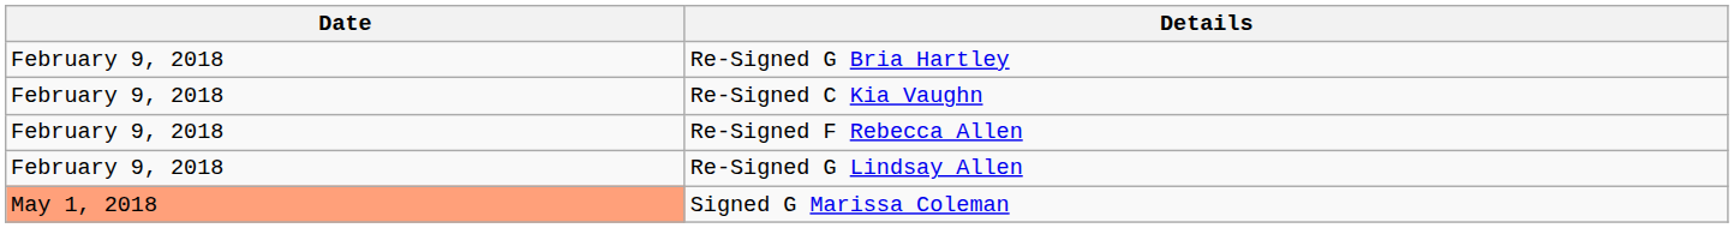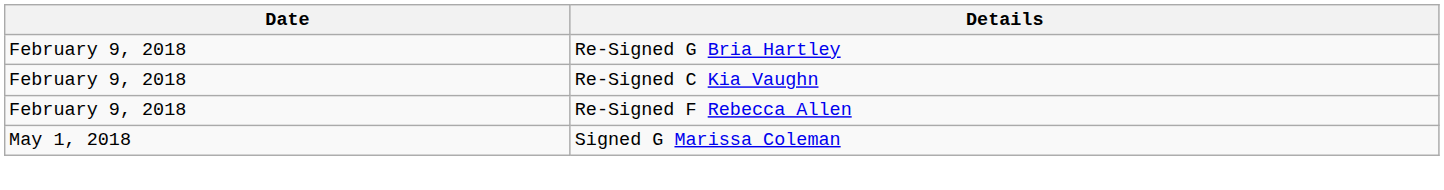 <table class="wikitable" style="width:80%">
 <tr>
 <th>Date</th>
 <th>Details</th>
 </tr>
 <tr>
 <td>February 9, 2018</td>
 <td>Re-Signed G <a href='#'>Bria Hartley</a></td>
 </tr>
 <tr>
 <td>February 9, 2018</td>
 <td>Re-Signed C <a href='#'>Kia Vaughn</a></td>
 </tr>
 <tr>
 <td>February 9, 2018</td>
 <td>Re-Signed F <a href='#'>Rebecca Allen</a></td>
 </tr>
 <tr>
-<td>February 9, 2018</td>
-<td>Re-Signed G <a href='#'>Lindsay Allen</a></td>
-</tr>
-<tr>
-<td style="background: lightsalmon;">May 1, 2018</td>
+<td>May 1, 2018</td>
 <td>Signed G <a href='#'>Marissa Coleman</a></td>
 </tr>
 </table>
